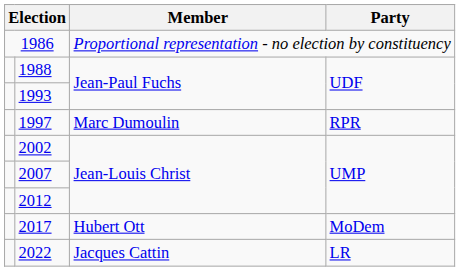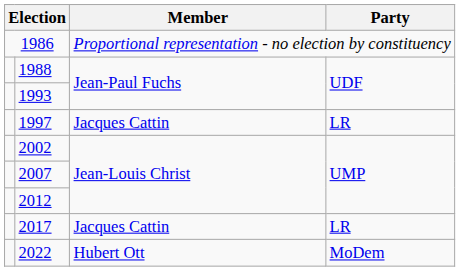 <table class="wikitable">
 <tr>
 <th colspan="2">Election</th>
 <th>Member</th>
 <th>Party</th>
 </tr>
 <tr>
 <td colspan="2" align="center"><a href='#'>1986</a></td>
 <td colspan="2"><em><a href='#'>Proportional representation</a> - no election by constituency</em></td>
 </tr>
 <tr>
 <td style="background-color: "></td>
 <td><a href='#'>1988</a></td>
 <td rowspan="2"><a href='#'>Jean-Paul Fuchs</a></td>
 <td rowspan="2"><a href='#'>UDF</a></td>
 </tr>
 <tr>
 <td style="background-color: "></td>
 <td><a href='#'>1993</a></td>
 </tr>
 <tr>
 <td style="background-color: "></td>
 <td><a href='#'>1997</a></td>
-<td><a href='#'>Marc Dumoulin</a></td>
-<td><a href='#'>RPR</a></td>
+<td><a href='#'>Jacques Cattin</a></td>
+<td><a href='#'>LR</a></td>
 </tr>
 <tr>
 <td style="background-color: "></td>
 <td><a href='#'>2002</a></td>
 <td rowspan="3"><a href='#'>Jean-Louis Christ</a></td>
 <td rowspan="3"><a href='#'>UMP</a></td>
 </tr>
 <tr>
 <td style="background-color: "></td>
 <td><a href='#'>2007</a></td>
 </tr>
 <tr>
 <td style="background-color: "></td>
 <td><a href='#'>2012</a></td>
 </tr>
 <tr>
 <td style="background-color: "></td>
 <td><a href='#'>2017</a></td>
-<td><a href='#'>Hubert Ott</a></td>
-<td><a href='#'>MoDem</a></td>
+<td><a href='#'>Jacques Cattin</a></td>
+<td><a href='#'>LR</a></td>
 </tr>
 <tr>
 <td style="background-color: "></td>
 <td><a href='#'>2022</a></td>
-<td><a href='#'>Jacques Cattin</a></td>
-<td><a href='#'>LR</a></td>
+<td><a href='#'>Hubert Ott</a></td>
+<td><a href='#'>MoDem</a></td>
 </tr>
 </table>
